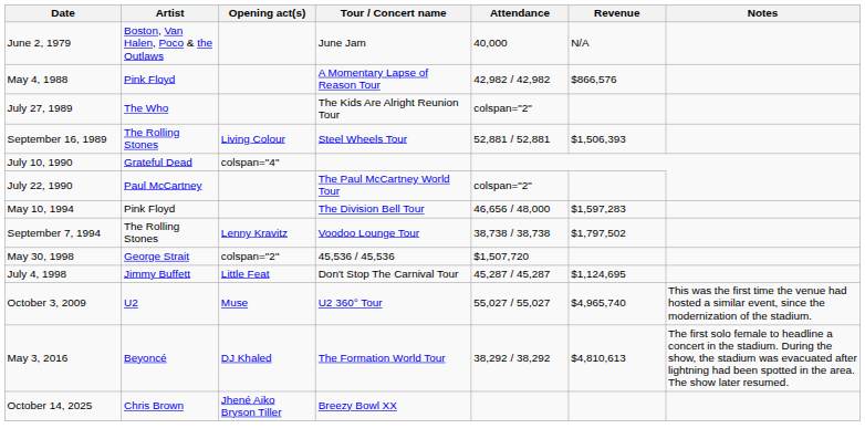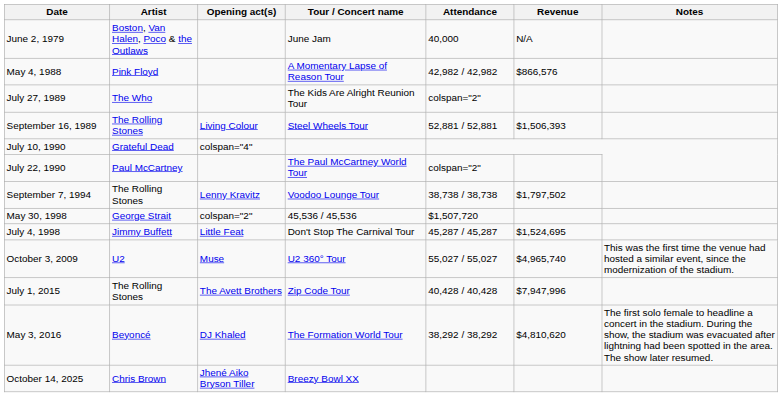 <table class="wikitable" style=font-size:100% style="text-align:center">
 <tr>
 <th width=12% style="text-align:center;">Date</th>
 <th width=10% style="text-align:center;">Artist</th>
 <th width=10% style="text-align:center;">Opening act(s)</th>
 <th width=16% style="text-align:center;">Tour / Concert name</th>
 <th width=10% style="text-align:center;">Attendance</th>
 <th width=10% style="text-align:center;">Revenue</th>
 <th width=20% style="text-align:center;">Notes</th>
 </tr>
 <tr>
 <td>June 2, 1979</td>
 <td><a href='#'>Boston</a>, <a href='#'>Van Halen</a>, <a href='#'>Poco</a> &  <a href='#'>the Outlaws</a></td>
 <td></td>
 <td>June Jam</td>
 <td>40,000</td>
 <td>N/A</td>
 <td></td>
 </tr>
 <tr>
 <td>May 4, 1988</td>
 <td><a href='#'>Pink Floyd</a></td>
 <td></td>
 <td><a href='#'>A Momentary Lapse of Reason Tour</a></td>
 <td>42,982 / 42,982</td>
 <td>$866,576</td>
 <td></td>
 </tr>
 <tr>
 <td>July 27, 1989</td>
 <td><a href='#'>The Who</a></td>
 <td></td>
 <td>The Kids Are Alright Reunion Tour</td>
 <td>colspan="2" </td>
 <td></td>
 </tr>
 <tr>
 <td>September 16, 1989</td>
 <td><a href='#'>The Rolling Stones</a></td>
 <td><a href='#'>Living Colour</a></td>
 <td><a href='#'>Steel Wheels Tour</a></td>
 <td>52,881 / 52,881</td>
 <td>$1,506,393</td>
 <td></td>
 </tr>
 <tr>
 <td>July 10, 1990</td>
 <td><a href='#'>Grateful Dead</a></td>
 <td>colspan="4" </td>
 <td></td>
 </tr>
 <tr>
 <td>July 22, 1990</td>
 <td><a href='#'>Paul McCartney</a></td>
 <td></td>
 <td><a href='#'>The Paul McCartney World Tour</a></td>
 <td>colspan="2" </td>
 <td></td>
 </tr>
 <tr>
-<td>May 10, 1994</td>
-<td>Pink Floyd</td>
-<td></td>
-<td><a href='#'>The Division Bell Tour</a></td>
-<td>46,656 / 48,000</td>
-<td>$1,597,283</td>
-<td></td>
-</tr>
-<tr>
 <td>September 7, 1994</td>
 <td>The Rolling Stones</td>
 <td><a href='#'>Lenny Kravitz</a></td>
 <td><a href='#'>Voodoo Lounge Tour</a></td>
 <td>38,738 / 38,738</td>
 <td>$1,797,502</td>
 <td></td>
 </tr>
 <tr>
 <td>May 30, 1998</td>
 <td><a href='#'>George Strait</a></td>
 <td>colspan="2" </td>
 <td>45,536 / 45,536</td>
 <td>$1,507,720</td>
 <td></td>
 </tr>
 <tr>
 <td>July 4, 1998</td>
 <td><a href='#'>Jimmy Buffett</a></td>
 <td><a href='#'>Little Feat</a></td>
 <td>Don't Stop The Carnival Tour</td>
 <td>45,287 / 45,287</td>
-<td>$1,124,695</td>
+<td>$1,524,695</td>
 <td></td>
 </tr>
 <tr>
 <td>October 3, 2009</td>
 <td><a href='#'>U2</a></td>
 <td><a href='#'>Muse</a></td>
 <td><a href='#'>U2 360° Tour</a></td>
 <td>55,027 / 55,027</td>
 <td>$4,965,740</td>
 <td>This was the first time the venue had hosted a similar event, since the modernization of the stadium.</td>
 </tr>
 <tr>
+<td>July 1, 2015</td>
+<td>The Rolling Stones</td>
+<td><a href='#'>The Avett Brothers</a></td>
+<td><a href='#'>Zip Code Tour</a></td>
+<td>40,428 / 40,428</td>
+<td>$7,947,996</td>
+<td></td>
+</tr>
+<tr>
 <td>May 3, 2016</td>
 <td><a href='#'>Beyoncé</a></td>
 <td><a href='#'>DJ Khaled</a></td>
 <td><a href='#'>The Formation World Tour</a></td>
 <td>38,292 / 38,292</td>
-<td>$4,810,613</td>
+<td>$4,810,620</td>
 <td>The first solo female to headline a concert in the stadium. During the show, the stadium was evacuated after lightning had been spotted in the area. The show later resumed.</td>
 </tr>
 <tr>
 <td>October 14, 2025</td>
 <td><a href='#'>Chris Brown</a></td>
 <td><a href='#'>Jhené Aiko</a><br><a href='#'>Bryson Tiller</a></td>
 <td><a href='#'>Breezy Bowl XX</a></td>
 <td></td>
 <td></td>
 <td></td>
 </tr>
 </table>
